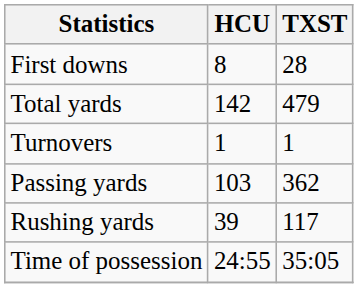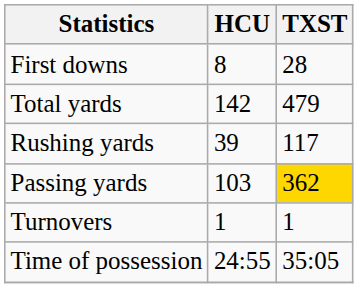 <table class="wikitable">
 <tr>
 <th>Statistics</th>
 <th>HCU</th>
 <th>TXST</th>
 </tr>
 <tr>
 <td>First downs</td>
 <td>8</td>
 <td>28</td>
 </tr>
 <tr>
 <td>Total yards</td>
 <td>142</td>
 <td>479</td>
 </tr>
 <tr>
-<td>Turnovers</td>
-<td>1</td>
-<td>1</td>
+<td>Rushing yards</td>
+<td>39</td>
+<td>117</td>
 </tr>
 <tr>
 <td>Passing yards</td>
 <td>103</td>
-<td>362</td>
+<td style="background: gold;">362</td>
 </tr>
 <tr>
-<td>Rushing yards</td>
-<td>39</td>
-<td>117</td>
+<td>Turnovers</td>
+<td>1</td>
+<td>1</td>
 </tr>
 <tr>
 <td>Time of possession</td>
 <td>24:55</td>
 <td>35:05</td>
 </tr>
 <tr>
 </tr>
 </table>
